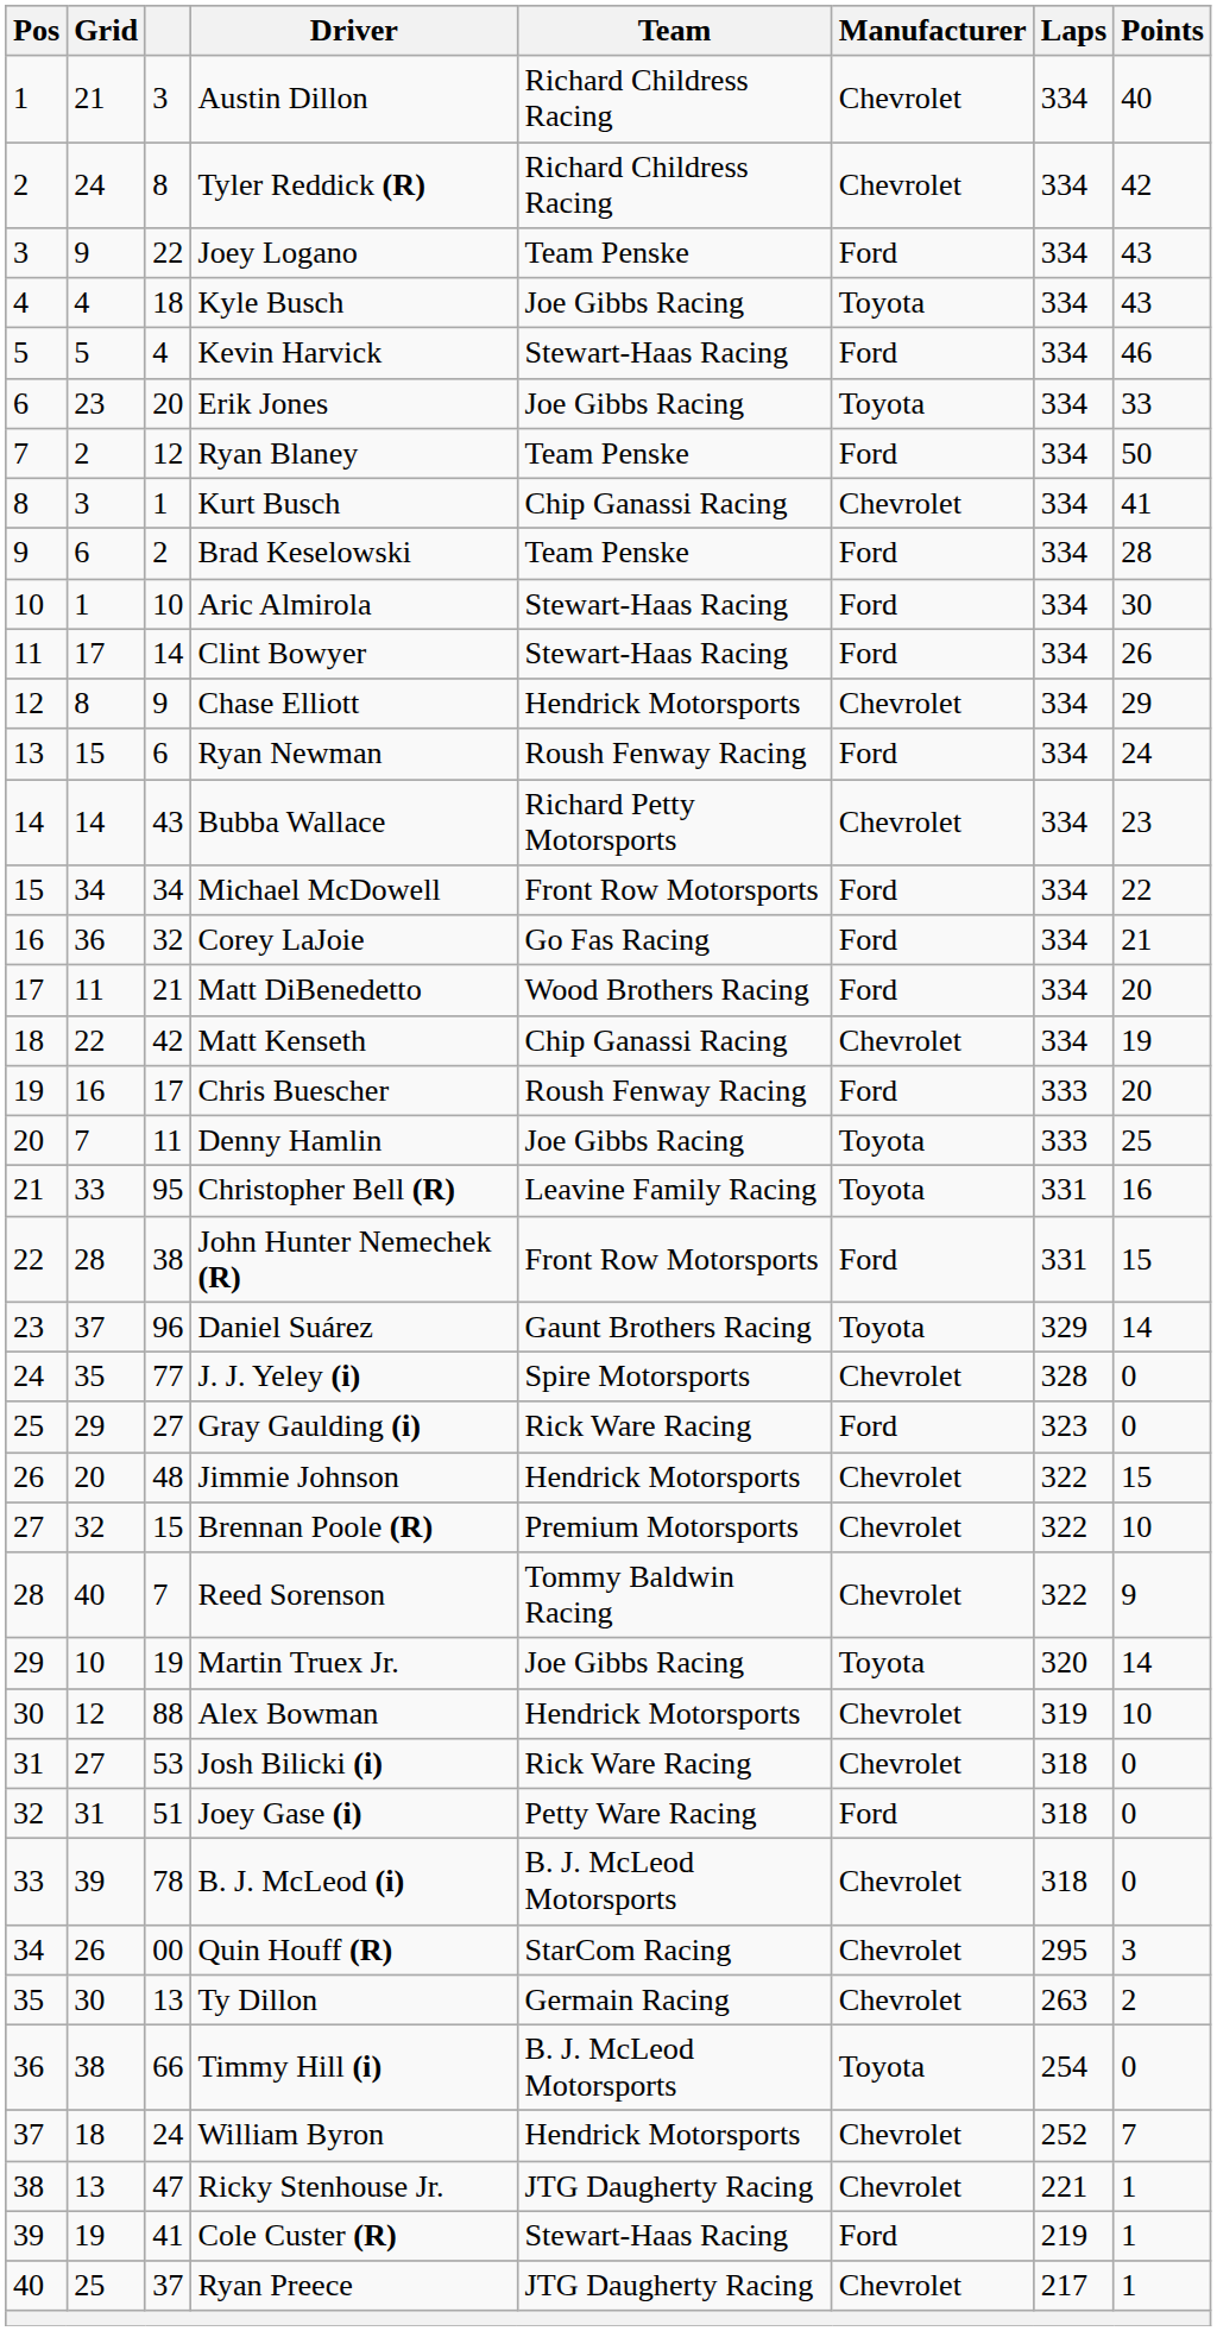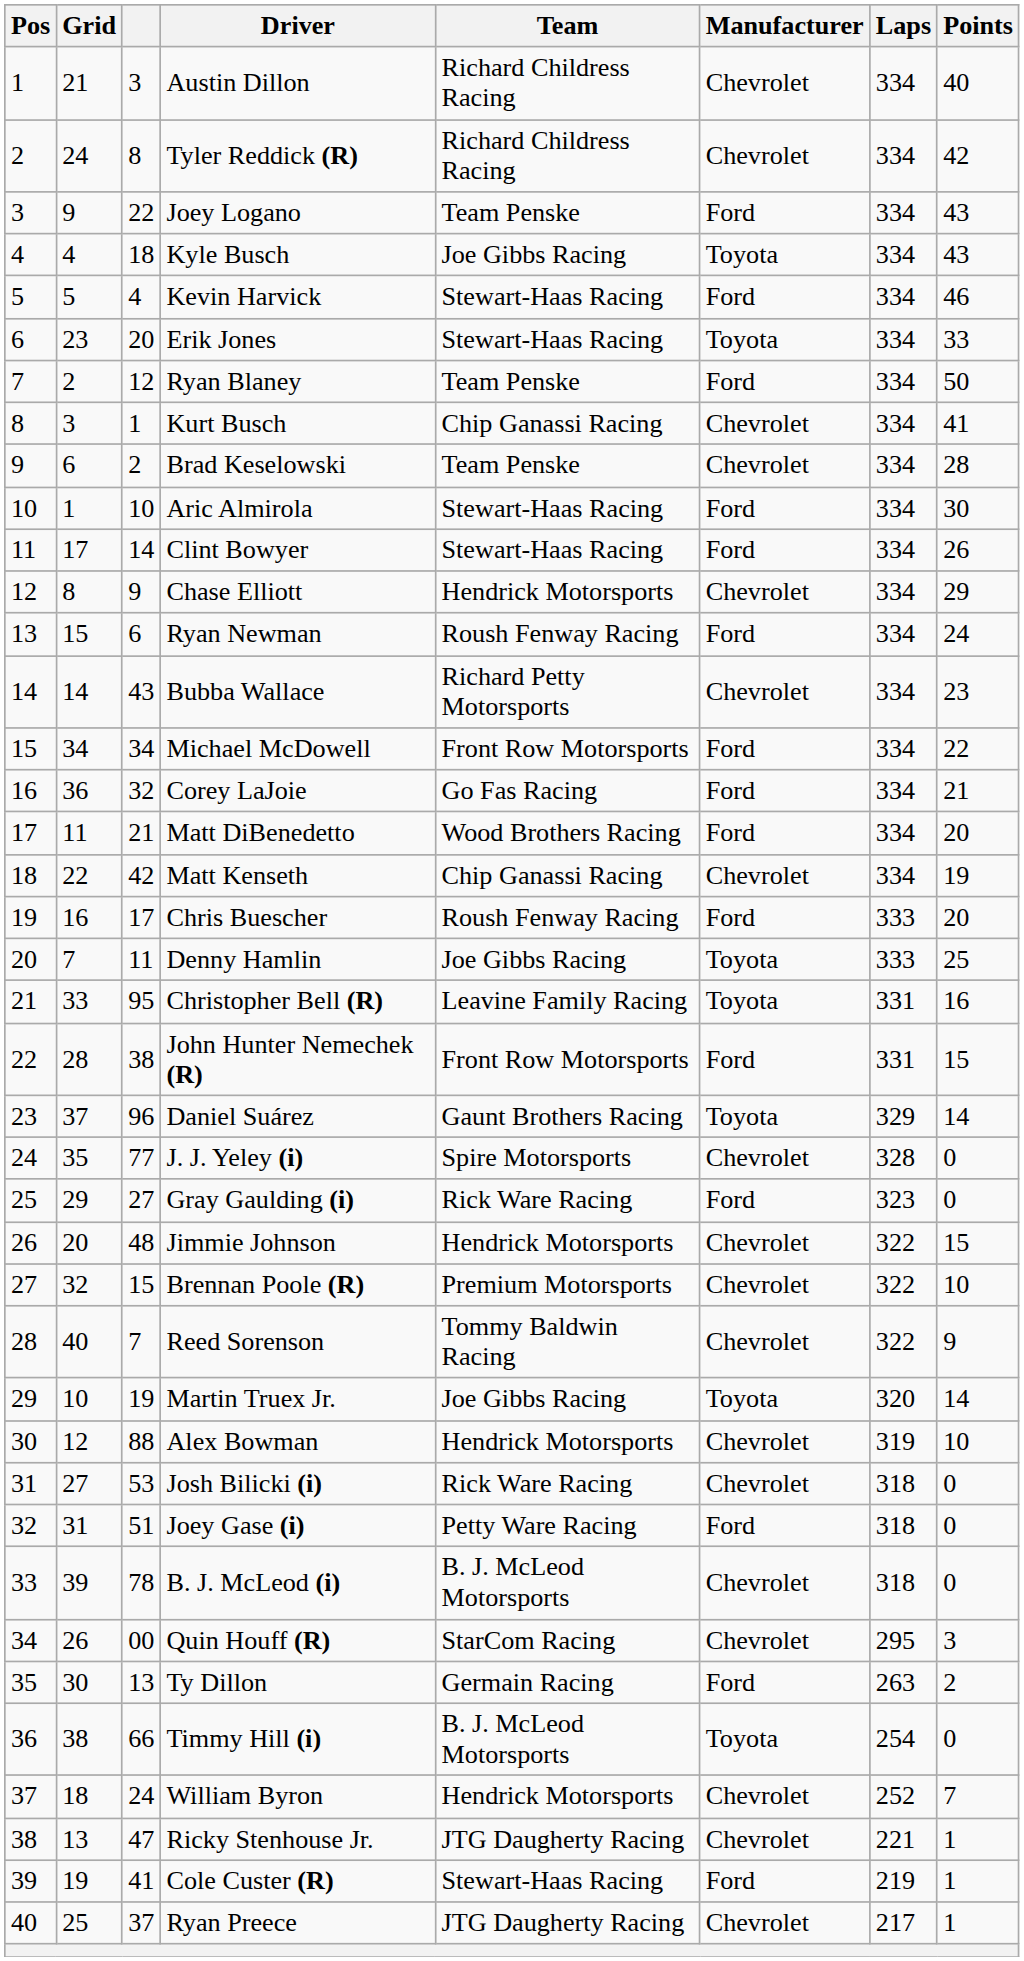 <table class="wikitable" style="font-size:98%">
 <tr>
 <th>Pos</th>
 <th>Grid</th>
 <th></th>
 <th>Driver</th>
 <th>Team</th>
 <th>Manufacturer</th>
 <th>Laps</th>
 <th>Points</th>
 </tr>
 <tr>
 <td>1</td>
 <td>21</td>
 <td>3</td>
 <td>Austin Dillon</td>
 <td>Richard Childress Racing</td>
 <td>Chevrolet</td>
 <td>334</td>
 <td>40</td>
 </tr>
 <tr>
 <td>2</td>
 <td>24</td>
 <td>8</td>
 <td>Tyler Reddick <strong>(R)</strong></td>
 <td>Richard Childress Racing</td>
 <td>Chevrolet</td>
 <td>334</td>
 <td>42</td>
 </tr>
 <tr>
 <td>3</td>
 <td>9</td>
 <td>22</td>
 <td>Joey Logano</td>
 <td>Team Penske</td>
 <td>Ford</td>
 <td>334</td>
 <td>43</td>
 </tr>
 <tr>
 <td>4</td>
 <td>4</td>
 <td>18</td>
 <td>Kyle Busch</td>
 <td>Joe Gibbs Racing</td>
 <td>Toyota</td>
 <td>334</td>
 <td>43</td>
 </tr>
 <tr>
 <td>5</td>
 <td>5</td>
 <td>4</td>
 <td>Kevin Harvick</td>
 <td>Stewart-Haas Racing</td>
 <td>Ford</td>
 <td>334</td>
 <td>46</td>
 </tr>
 <tr>
 <td>6</td>
 <td>23</td>
 <td>20</td>
 <td>Erik Jones</td>
-<td>Joe Gibbs Racing</td>
+<td>Stewart-Haas Racing</td>
 <td>Toyota</td>
 <td>334</td>
 <td>33</td>
 </tr>
 <tr>
 <td>7</td>
 <td>2</td>
 <td>12</td>
 <td>Ryan Blaney</td>
 <td>Team Penske</td>
 <td>Ford</td>
 <td>334</td>
 <td>50</td>
 </tr>
 <tr>
 <td>8</td>
 <td>3</td>
 <td>1</td>
 <td>Kurt Busch</td>
 <td>Chip Ganassi Racing</td>
 <td>Chevrolet</td>
 <td>334</td>
 <td>41</td>
 </tr>
 <tr>
 <td>9</td>
 <td>6</td>
 <td>2</td>
 <td>Brad Keselowski</td>
 <td>Team Penske</td>
-<td>Ford</td>
+<td>Chevrolet</td>
 <td>334</td>
 <td>28</td>
 </tr>
 <tr>
 <td>10</td>
 <td>1</td>
 <td>10</td>
 <td>Aric Almirola</td>
 <td>Stewart-Haas Racing</td>
 <td>Ford</td>
 <td>334</td>
 <td>30</td>
 </tr>
 <tr>
 <td>11</td>
 <td>17</td>
 <td>14</td>
 <td>Clint Bowyer</td>
 <td>Stewart-Haas Racing</td>
 <td>Ford</td>
 <td>334</td>
 <td>26</td>
 </tr>
 <tr>
 <td>12</td>
 <td>8</td>
 <td>9</td>
 <td>Chase Elliott</td>
 <td>Hendrick Motorsports</td>
 <td>Chevrolet</td>
 <td>334</td>
 <td>29</td>
 </tr>
 <tr>
 <td>13</td>
 <td>15</td>
 <td>6</td>
 <td>Ryan Newman</td>
 <td>Roush Fenway Racing</td>
 <td>Ford</td>
 <td>334</td>
 <td>24</td>
 </tr>
 <tr>
 <td>14</td>
 <td>14</td>
 <td>43</td>
 <td>Bubba Wallace</td>
 <td>Richard Petty Motorsports</td>
 <td>Chevrolet</td>
 <td>334</td>
 <td>23</td>
 </tr>
 <tr>
 <td>15</td>
 <td>34</td>
 <td>34</td>
 <td>Michael McDowell</td>
 <td>Front Row Motorsports</td>
 <td>Ford</td>
 <td>334</td>
 <td>22</td>
 </tr>
 <tr>
 <td>16</td>
 <td>36</td>
 <td>32</td>
 <td>Corey LaJoie</td>
 <td>Go Fas Racing</td>
 <td>Ford</td>
 <td>334</td>
 <td>21</td>
 </tr>
 <tr>
 <td>17</td>
 <td>11</td>
 <td>21</td>
 <td>Matt DiBenedetto</td>
 <td>Wood Brothers Racing</td>
 <td>Ford</td>
 <td>334</td>
 <td>20</td>
 </tr>
 <tr>
 <td>18</td>
 <td>22</td>
 <td>42</td>
 <td>Matt Kenseth</td>
 <td>Chip Ganassi Racing</td>
 <td>Chevrolet</td>
 <td>334</td>
 <td>19</td>
 </tr>
 <tr>
 <td>19</td>
 <td>16</td>
 <td>17</td>
 <td>Chris Buescher</td>
 <td>Roush Fenway Racing</td>
 <td>Ford</td>
 <td>333</td>
 <td>20</td>
 </tr>
 <tr>
 <td>20</td>
 <td>7</td>
 <td>11</td>
 <td>Denny Hamlin</td>
 <td>Joe Gibbs Racing</td>
 <td>Toyota</td>
 <td>333</td>
 <td>25</td>
 </tr>
 <tr>
 <td>21</td>
 <td>33</td>
 <td>95</td>
 <td>Christopher Bell <strong>(R)</strong></td>
 <td>Leavine Family Racing</td>
 <td>Toyota</td>
 <td>331</td>
 <td>16</td>
 </tr>
 <tr>
 <td>22</td>
 <td>28</td>
 <td>38</td>
 <td>John Hunter Nemechek <strong>(R)</strong></td>
 <td>Front Row Motorsports</td>
 <td>Ford</td>
 <td>331</td>
 <td>15</td>
 </tr>
 <tr>
 <td>23</td>
 <td>37</td>
 <td>96</td>
 <td>Daniel Suárez</td>
 <td>Gaunt Brothers Racing</td>
 <td>Toyota</td>
 <td>329</td>
 <td>14</td>
 </tr>
 <tr>
 <td>24</td>
 <td>35</td>
 <td>77</td>
 <td>J. J. Yeley <strong>(i)</strong></td>
 <td>Spire Motorsports</td>
 <td>Chevrolet</td>
 <td>328</td>
 <td>0</td>
 </tr>
 <tr>
 <td>25</td>
 <td>29</td>
 <td>27</td>
 <td>Gray Gaulding <strong>(i)</strong></td>
 <td>Rick Ware Racing</td>
 <td>Ford</td>
 <td>323</td>
 <td>0</td>
 </tr>
 <tr>
 <td>26</td>
 <td>20</td>
 <td>48</td>
 <td>Jimmie Johnson</td>
 <td>Hendrick Motorsports</td>
 <td>Chevrolet</td>
 <td>322</td>
 <td>15</td>
 </tr>
 <tr>
 <td>27</td>
 <td>32</td>
 <td>15</td>
 <td>Brennan Poole <strong>(R)</strong></td>
 <td>Premium Motorsports</td>
 <td>Chevrolet</td>
 <td>322</td>
 <td>10</td>
 </tr>
 <tr>
 <td>28</td>
 <td>40</td>
 <td>7</td>
 <td>Reed Sorenson</td>
 <td>Tommy Baldwin Racing</td>
 <td>Chevrolet</td>
 <td>322</td>
 <td>9</td>
 </tr>
 <tr>
 <td>29</td>
 <td>10</td>
 <td>19</td>
 <td>Martin Truex Jr.</td>
 <td>Joe Gibbs Racing</td>
 <td>Toyota</td>
 <td>320</td>
 <td>14</td>
 </tr>
 <tr>
 <td>30</td>
 <td>12</td>
 <td>88</td>
 <td>Alex Bowman</td>
 <td>Hendrick Motorsports</td>
 <td>Chevrolet</td>
 <td>319</td>
 <td>10</td>
 </tr>
 <tr>
 <td>31</td>
 <td>27</td>
 <td>53</td>
 <td>Josh Bilicki <strong>(i)</strong></td>
 <td>Rick Ware Racing</td>
 <td>Chevrolet</td>
 <td>318</td>
 <td>0</td>
 </tr>
 <tr>
 <td>32</td>
 <td>31</td>
 <td>51</td>
 <td>Joey Gase <strong>(i)</strong></td>
 <td>Petty Ware Racing</td>
 <td>Ford</td>
 <td>318</td>
 <td>0</td>
 </tr>
 <tr>
 <td>33</td>
 <td>39</td>
 <td>78</td>
 <td>B. J. McLeod <strong>(i)</strong></td>
 <td>B. J. McLeod Motorsports</td>
 <td>Chevrolet</td>
 <td>318</td>
 <td>0</td>
 </tr>
 <tr>
 <td>34</td>
 <td>26</td>
 <td>00</td>
 <td>Quin Houff <strong>(R)</strong></td>
 <td>StarCom Racing</td>
 <td>Chevrolet</td>
 <td>295</td>
 <td>3</td>
 </tr>
 <tr>
 <td>35</td>
 <td>30</td>
 <td>13</td>
 <td>Ty Dillon</td>
 <td>Germain Racing</td>
-<td>Chevrolet</td>
+<td>Ford</td>
 <td>263</td>
 <td>2</td>
 </tr>
 <tr>
 <td>36</td>
 <td>38</td>
 <td>66</td>
 <td>Timmy Hill <strong>(i)</strong></td>
 <td>B. J. McLeod Motorsports</td>
 <td>Toyota</td>
 <td>254</td>
 <td>0</td>
 </tr>
 <tr>
 <td>37</td>
 <td>18</td>
 <td>24</td>
 <td>William Byron</td>
 <td>Hendrick Motorsports</td>
 <td>Chevrolet</td>
 <td>252</td>
 <td>7</td>
 </tr>
 <tr>
 <td>38</td>
 <td>13</td>
 <td>47</td>
 <td>Ricky Stenhouse Jr.</td>
 <td>JTG Daugherty Racing</td>
 <td>Chevrolet</td>
 <td>221</td>
 <td>1</td>
 </tr>
 <tr>
 <td>39</td>
 <td>19</td>
 <td>41</td>
 <td>Cole Custer <strong>(R)</strong></td>
 <td>Stewart-Haas Racing</td>
 <td>Ford</td>
 <td>219</td>
 <td>1</td>
 </tr>
 <tr>
 <td>40</td>
 <td>25</td>
 <td>37</td>
 <td>Ryan Preece</td>
 <td>JTG Daugherty Racing</td>
 <td>Chevrolet</td>
 <td>217</td>
 <td>1</td>
 </tr>
 <tr>
 <th colspan="8"></th>
 </tr>
 </table>
